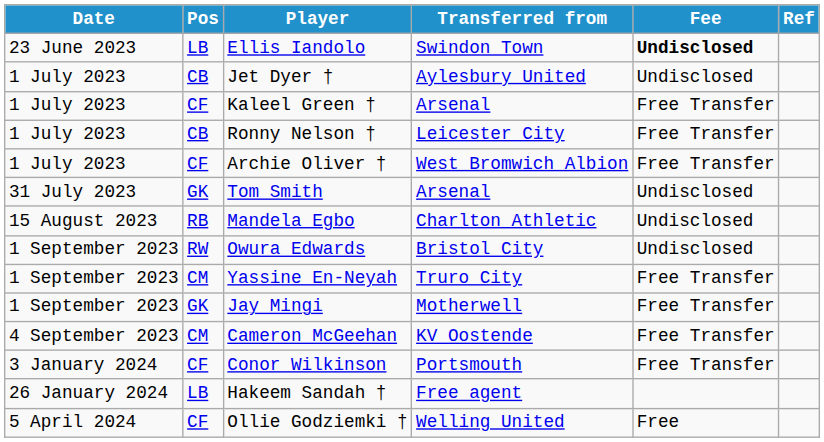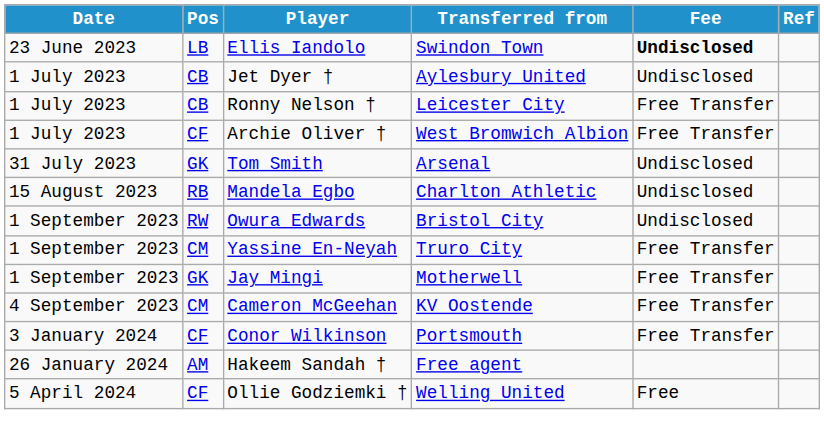 <table class="wikitable plainrowheaders sortable">
 <tr>
 <th style="background:#2191CC; color:#FFFFFF; ">Date</th>
 <th style="background:#2191CC; color:#FFFFFF; ">Pos</th>
 <th style="background:#2191CC; color:#FFFFFF; ">Player</th>
 <th style="background:#2191CC; color:#FFFFFF; ">Transferred from</th>
 <th style="background:#2191CC; color:#FFFFFF; ">Fee</th>
 <th style="background:#2191CC; color:#FFFFFF; ">Ref</th>
 </tr>
 <tr>
 <td>23 June 2023</td>
 <td><a href='#'>LB</a></td>
 <td> <a href='#'>Ellis Iandolo</a></td>
 <td> <a href='#'>Swindon Town</a></td>
 <td><strong>Undisclosed</strong></td>
 <td></td>
 </tr>
 <tr>
 <td>1 July 2023</td>
 <td><a href='#'>CB</a></td>
 <td> Jet Dyer †</td>
 <td> <a href='#'>Aylesbury United</a></td>
 <td>Undisclosed</td>
-<td></td>
-</tr>
-<tr>
-<td>1 July 2023</td>
-<td><a href='#'>CF</a></td>
-<td> Kaleel Green †</td>
-<td> <a href='#'>Arsenal</a></td>
-<td>Free Transfer</td>
 <td></td>
 </tr>
 <tr>
 <td>1 July 2023</td>
 <td><a href='#'>CB</a></td>
 <td> Ronny Nelson †</td>
 <td> <a href='#'>Leicester City</a></td>
 <td>Free Transfer</td>
 <td></td>
 </tr>
 <tr>
 <td>1 July 2023</td>
 <td><a href='#'>CF</a></td>
 <td> Archie Oliver †</td>
 <td> <a href='#'>West Bromwich Albion</a></td>
 <td>Free Transfer</td>
 <td></td>
 </tr>
 <tr>
 <td>31 July 2023</td>
 <td><a href='#'>GK</a></td>
 <td> <a href='#'>Tom Smith</a></td>
 <td> <a href='#'>Arsenal</a></td>
 <td>Undisclosed</td>
 <td></td>
 </tr>
 <tr>
 <td>15 August 2023</td>
 <td><a href='#'>RB</a></td>
 <td> <a href='#'>Mandela Egbo</a></td>
 <td> <a href='#'>Charlton Athletic</a></td>
 <td>Undisclosed</td>
 <td></td>
 </tr>
 <tr>
 <td>1 September 2023</td>
 <td><a href='#'>RW</a></td>
 <td> <a href='#'>Owura Edwards</a></td>
 <td> <a href='#'>Bristol City</a></td>
 <td>Undisclosed</td>
 <td></td>
 </tr>
 <tr>
 <td>1 September 2023</td>
 <td><a href='#'>CM</a></td>
 <td> <a href='#'>Yassine En-Neyah</a></td>
 <td> <a href='#'>Truro City</a></td>
 <td>Free Transfer</td>
 <td></td>
 </tr>
 <tr>
 <td>1 September 2023</td>
 <td><a href='#'>GK</a></td>
 <td> <a href='#'>Jay Mingi</a></td>
 <td> <a href='#'>Motherwell</a></td>
 <td>Free Transfer</td>
 <td></td>
 </tr>
 <tr>
 <td>4 September 2023</td>
 <td><a href='#'>CM</a></td>
 <td> <a href='#'>Cameron McGeehan</a></td>
 <td> <a href='#'>KV Oostende</a></td>
 <td>Free Transfer</td>
 <td></td>
 </tr>
 <tr>
 <td>3 January 2024</td>
 <td><a href='#'>CF</a></td>
 <td> <a href='#'>Conor Wilkinson</a></td>
 <td> <a href='#'>Portsmouth</a></td>
 <td>Free Transfer</td>
 <td></td>
 </tr>
 <tr>
 <td>26 January 2024</td>
-<td><a href='#'>LB</a></td>
+<td><a href='#'>AM</a></td>
 <td> Hakeem Sandah †</td>
 <td> <a href='#'>Free agent</a></td>
 <td></td>
 <td></td>
 </tr>
 <tr>
 <td>5 April 2024</td>
 <td><a href='#'>CF</a></td>
 <td> Ollie Godziemki †</td>
 <td> <a href='#'>Welling United</a></td>
 <td>Free</td>
 <td></td>
 </tr>
 </table>
